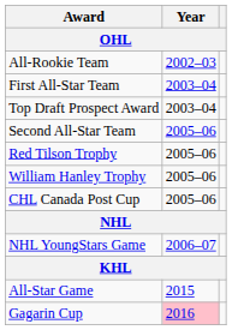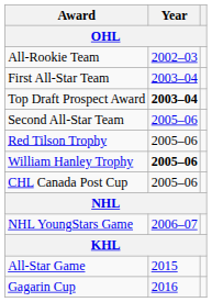 <table class="wikitable">
 <tr>
 <th>Award</th>
 <th>Year</th>
 <th></th>
 </tr>
 <tr ALIGN="center">
 <th colspan="3"><a href='#'>OHL</a></th>
 </tr>
 <tr>
 <td>All-Rookie Team</td>
 <td><a href='#'>2002–03</a></td>
 <td></td>
 </tr>
 <tr>
 <td>First All-Star Team</td>
 <td><a href='#'>2003–04</a></td>
 <td></td>
 </tr>
 <tr>
 <td>Top Draft Prospect Award</td>
-<td>2003–04</td>
+<td><strong>2003–04</strong></td>
 <td></td>
 </tr>
 <tr>
 <td>Second All-Star Team</td>
 <td><a href='#'>2005–06</a></td>
 <td></td>
 </tr>
 <tr>
 <td><a href='#'>Red Tilson Trophy</a></td>
 <td>2005–06</td>
 <td></td>
 </tr>
 <tr>
 <td><a href='#'>William Hanley Trophy</a></td>
-<td>2005–06</td>
+<td><strong>2005–06</strong></td>
 <td></td>
 </tr>
 <tr>
 <td><a href='#'>CHL</a> Canada Post Cup</td>
 <td>2005–06</td>
 <td></td>
 </tr>
 <tr ALIGN="center">
 <th colspan="3"><a href='#'>NHL</a></th>
 </tr>
 <tr>
 <td><a href='#'>NHL YoungStars Game</a></td>
 <td><a href='#'>2006–07</a></td>
 <td></td>
 </tr>
 <tr ALIGN="center">
 <th colspan="3"><a href='#'>KHL</a></th>
 </tr>
 <tr>
 <td><a href='#'>All-Star Game</a></td>
 <td><a href='#'>2015</a></td>
 <td></td>
 </tr>
 <tr>
 <td><a href='#'>Gagarin Cup</a></td>
-<td style="background: pink;"><a href='#'>2016</a></td>
+<td><a href='#'>2016</a></td>
 <td></td>
 </tr>
 </table>
